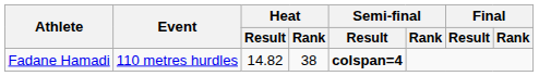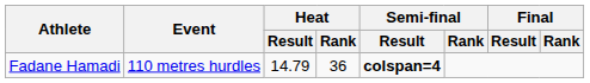 <table class="wikitable" style="font-size:90%">
 <tr>
 <th rowspan="2">Athlete</th>
 <th rowspan="2">Event</th>
 <th colspan="2">Heat</th>
 <th colspan="2">Semi-final</th>
 <th colspan="2">Final</th>
 </tr>
 <tr style="font-size:95%">
 <th>Result</th>
 <th>Rank</th>
 <th>Result</th>
 <th>Rank</th>
 <th>Result</th>
 <th>Rank</th>
 </tr>
 <tr style=text-align:center>
 <td style=text-align:left><a href='#'>Fadane Hamadi</a></td>
 <td style=text-align:left><a href='#'>110 metres hurdles</a></td>
-<td>14.82</td>
-<td>38</td>
+<td>14.79</td>
+<td>36</td>
 <td><strong>colspan=4 </strong></td>
 </tr>
 </table>
